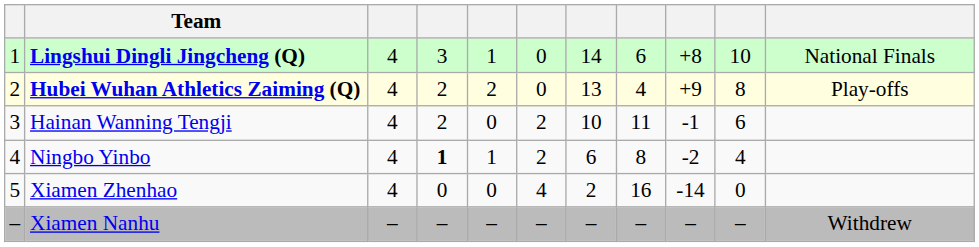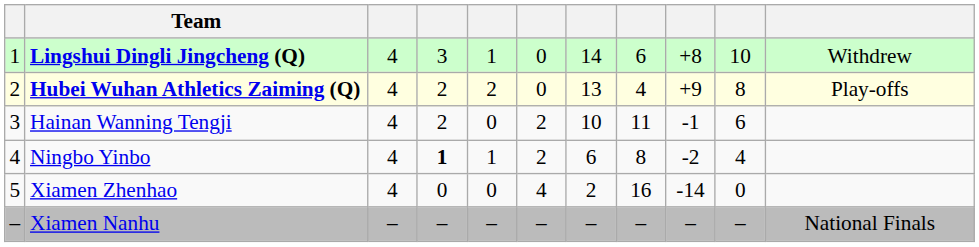 <table class="wikitable" style="text-align:center;">
 <tr>
 <th></th>
 <th width=250>Team</th>
 <th width=30></th>
 <th width=30></th>
 <th width=30></th>
 <th width=30></th>
 <th width=30></th>
 <th width=30></th>
 <th width=30></th>
 <th width=30></th>
 <th width=150></th>
 </tr>
 <tr bgcolor="#ccffcc">
 <td>1</td>
 <td align="left"><strong><a href='#'>Lingshui Dingli Jingcheng</a> (Q)</strong></td>
 <td>4</td>
 <td>3</td>
 <td>1</td>
 <td>0</td>
 <td>14</td>
 <td>6</td>
 <td>+8</td>
 <td>10</td>
-<td>National Finals</td>
+<td>Withdrew</td>
 </tr>
 <tr bgcolor="#FFFFE0">
 <td>2</td>
 <td align="left"><strong><a href='#'>Hubei Wuhan Athletics Zaiming</a> (Q)</strong></td>
 <td>4</td>
 <td>2</td>
 <td>2</td>
 <td>0</td>
 <td>13</td>
 <td>4</td>
 <td>+9</td>
 <td>8</td>
 <td>Play-offs</td>
 </tr>
 <tr>
 <td>3</td>
 <td align="left"><a href='#'>Hainan Wanning Tengji</a></td>
 <td>4</td>
 <td>2</td>
 <td>0</td>
 <td>2</td>
 <td>10</td>
 <td>11</td>
 <td>-1</td>
 <td>6</td>
 <td></td>
 </tr>
 <tr>
 <td>4</td>
 <td align="left"><a href='#'>Ningbo Yinbo</a></td>
 <td>4</td>
 <td><strong>1</strong></td>
 <td>1</td>
 <td>2</td>
 <td>6</td>
 <td>8</td>
 <td>-2</td>
 <td>4</td>
 <td></td>
 </tr>
 <tr>
 <td>5</td>
 <td align="left"><a href='#'>Xiamen Zhenhao</a></td>
 <td>4</td>
 <td>0</td>
 <td>0</td>
 <td>4</td>
 <td>2</td>
 <td>16</td>
 <td>-14</td>
 <td>0</td>
 <td></td>
 </tr>
 <tr bgcolor="#bbb">
 <td>–</td>
 <td align="left"><a href='#'>Xiamen Nanhu</a></td>
 <td>–</td>
 <td>–</td>
 <td>–</td>
 <td>–</td>
 <td>–</td>
 <td>–</td>
 <td>–</td>
 <td>–</td>
-<td>Withdrew</td>
+<td>National Finals</td>
 </tr>
 </table>
